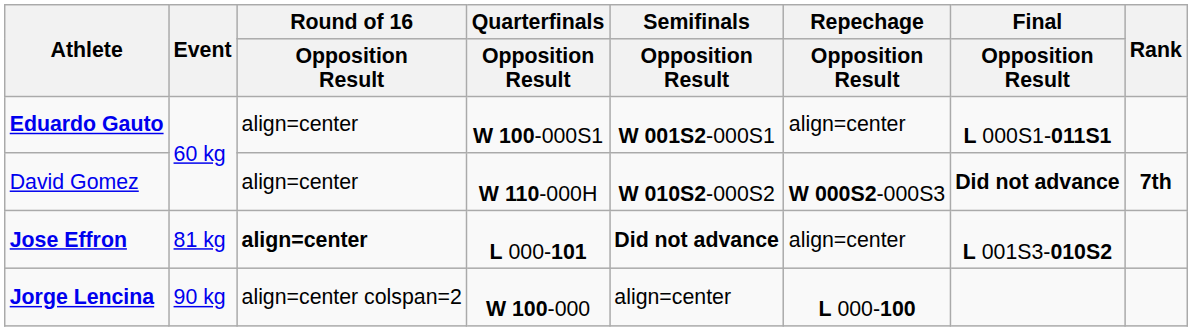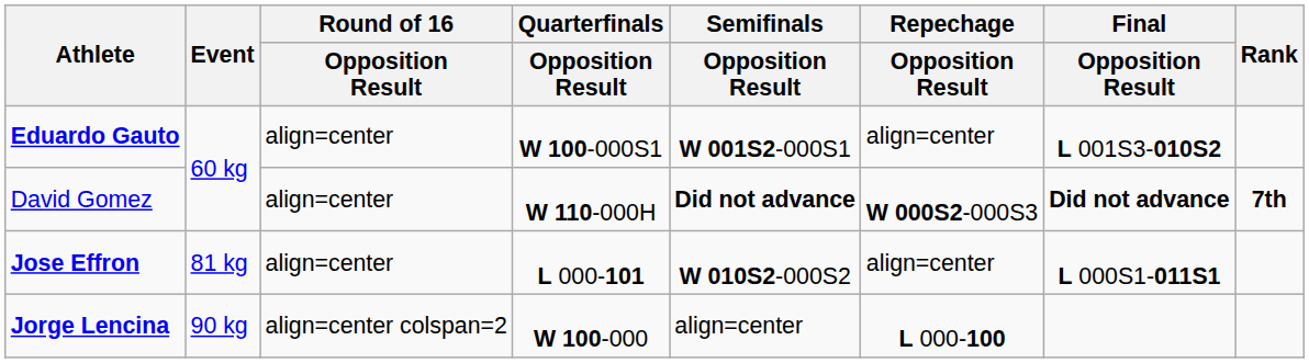 <table class="wikitable" style="font-size:90%">
 <tr>
 <th rowspan="2">Athlete</th>
 <th rowspan="2">Event</th>
 <th>Round of 16</th>
 <th>Quarterfinals</th>
 <th>Semifinals</th>
 <th>Repechage</th>
 <th>Final</th>
 <th rowspan="2">Rank</th>
 </tr>
 <tr>
 <th>Opposition<br>Result</th>
 <th>Opposition<br>Result</th>
 <th>Opposition<br>Result</th>
 <th>Opposition<br>Result</th>
 <th>Opposition<br>Result</th>
 </tr>
 <tr>
 <td><strong><a href='#'>Eduardo Gauto</a></strong></td>
 <td rowspan=2><a href='#'>60 kg</a></td>
 <td>align=center </td>
 <td align=center><br><strong>W</strong> <strong>100</strong>-000S1</td>
 <td align=center><br><strong>W</strong> <strong>001S2</strong>-000S1</td>
 <td>align=center </td>
-<td align=center><br><strong>L</strong> 000S1-<strong>011S1</strong></td>
+<td align=center><br><strong>L</strong> 001S3-<strong>010S2</strong></td>
 <td align=center></td>
 </tr>
 <tr>
 <td><a href='#'>David Gomez</a></td>
 <td>align=center </td>
 <td align=center><br><strong>W</strong> <strong>110</strong>-000H</td>
-<td align=center><br><strong>W</strong> <strong>010S2</strong>-000S2</td>
+<td align=center><strong>Did not advance</strong></td>
 <td align=center><br><strong>W</strong> <strong>000S2</strong>-000S3</td>
 <td align=center><strong>Did not advance</strong></td>
 <td align=center><strong>7th</strong></td>
 </tr>
 <tr>
 <td><strong><a href='#'>Jose Effron</a></strong></td>
 <td><a href='#'>81 kg</a></td>
-<td><strong>align=center </strong></td>
+<td>align=center </td>
 <td align=center><br><strong>L</strong> 000-<strong>101</strong></td>
-<td align=center><strong>Did not advance</strong></td>
+<td align=center><br><strong>W</strong> <strong>010S2</strong>-000S2</td>
 <td>align=center </td>
-<td align=center><br><strong>L</strong> 001S3-<strong>010S2</strong></td>
+<td align=center><br><strong>L</strong> 000S1-<strong>011S1</strong></td>
 <td align=center></td>
 </tr>
 <tr>
 <td><strong><a href='#'>Jorge Lencina</a></strong></td>
 <td><a href='#'>90 kg</a></td>
 <td>align=center colspan=2 </td>
 <td align=center><br><strong>W</strong> <strong>100</strong>-000</td>
 <td>align=center </td>
 <td align=center><br><strong>L</strong> 000-<strong>100</strong></td>
 <td align=center></td>
 </tr>
 </table>
